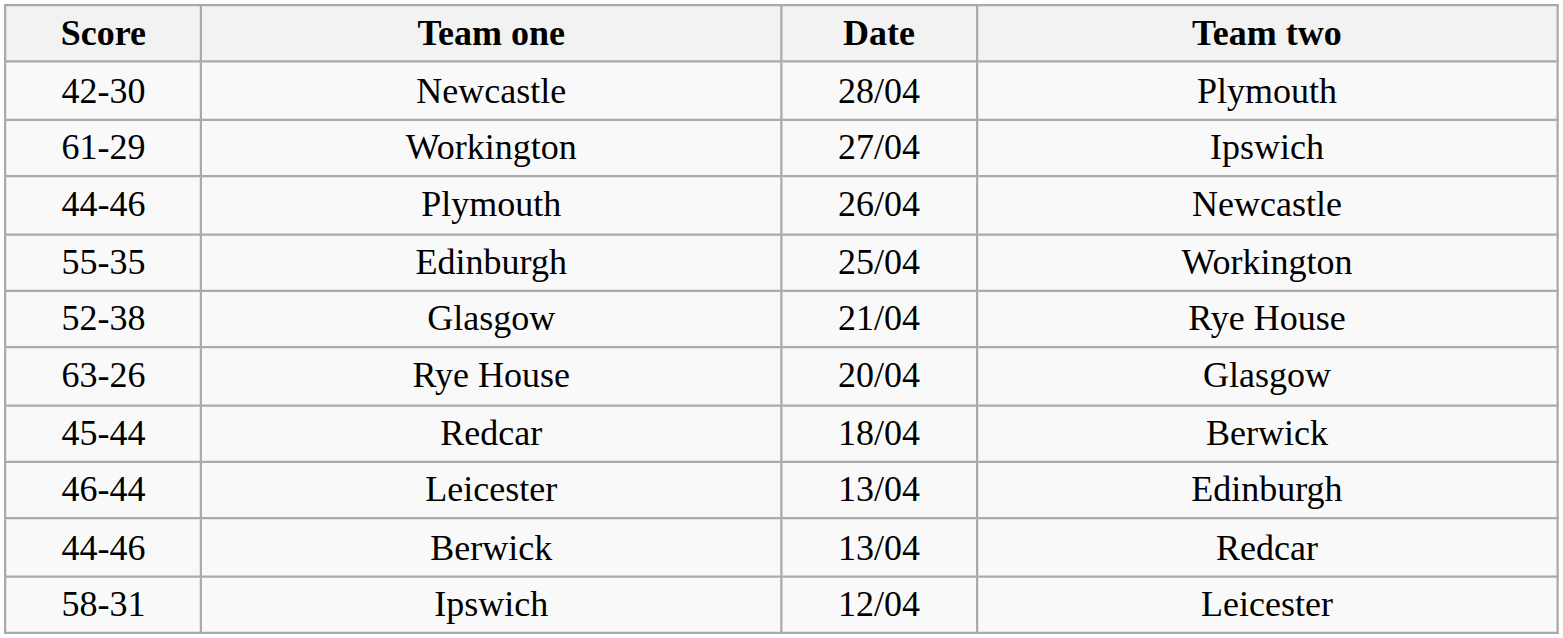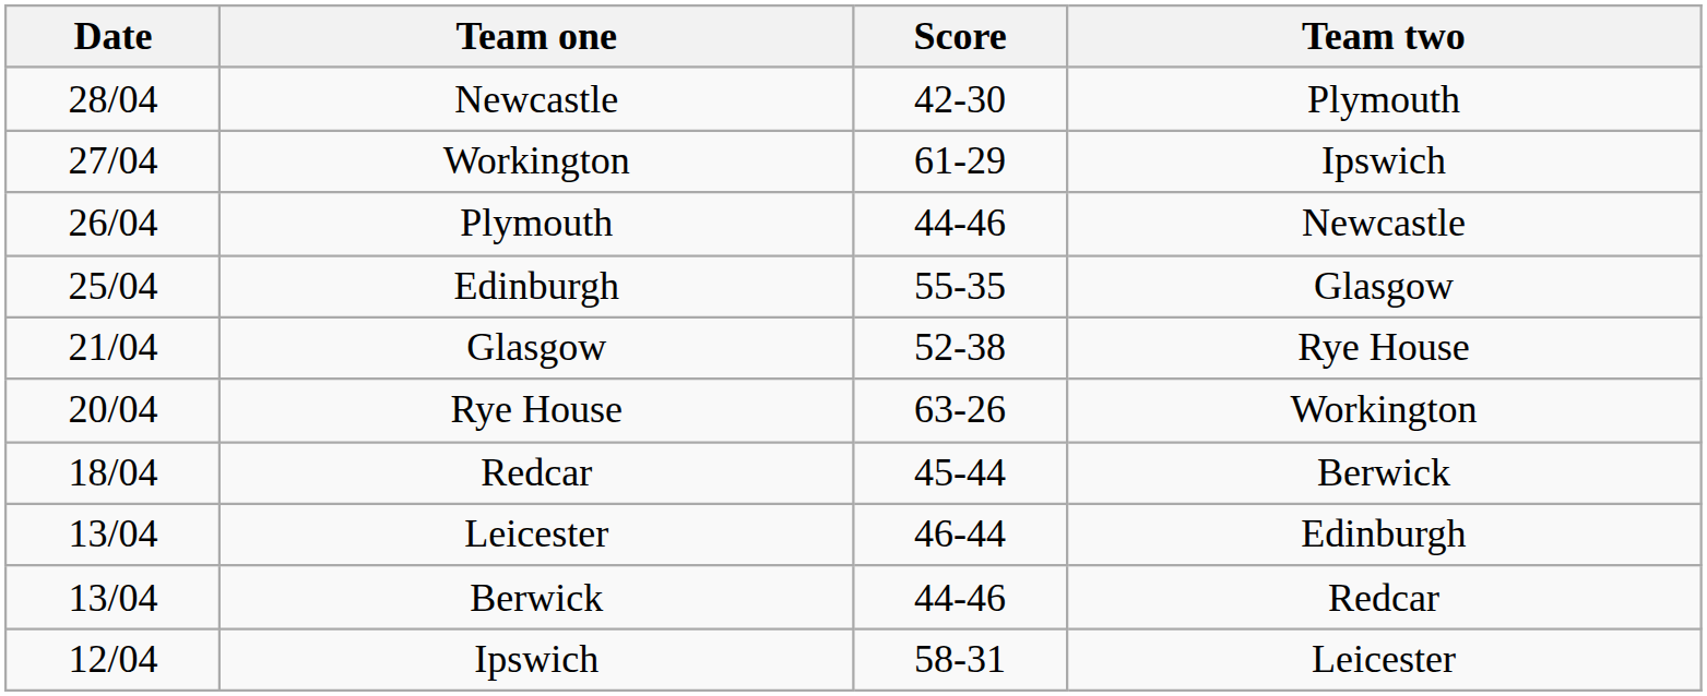 <table class="wikitable" style="text-align: center">
 <tr>
+<th width=80>Date</th>
+<th width=250>Team one</th>
 <th width=80>Score</th>
-<th width=250>Team one</th>
-<th width=80>Date</th>
 <th width=250>Team two</th>
 </tr>
 <tr>
+<td>28/04</td>
+<td>Newcastle</td>
 <td>42-30</td>
-<td>Newcastle</td>
-<td>28/04</td>
 <td>Plymouth</td>
 </tr>
 <tr>
+<td>27/04</td>
+<td>Workington</td>
 <td>61-29</td>
-<td>Workington</td>
-<td>27/04</td>
 <td>Ipswich</td>
 </tr>
 <tr>
+<td>26/04</td>
+<td>Plymouth</td>
 <td>44-46</td>
-<td>Plymouth</td>
-<td>26/04</td>
 <td>Newcastle</td>
 </tr>
 <tr>
+<td>25/04</td>
+<td>Edinburgh</td>
 <td>55-35</td>
-<td>Edinburgh</td>
-<td>25/04</td>
+<td>Glasgow</td>
+</tr>
+<tr>
+<td>21/04</td>
+<td>Glasgow</td>
+<td>52-38</td>
+<td>Rye House</td>
+</tr>
+<tr>
+<td>20/04</td>
+<td>Rye House</td>
+<td>63-26</td>
 <td>Workington</td>
 </tr>
 <tr>
-<td>52-38</td>
-<td>Glasgow</td>
-<td>21/04</td>
-<td>Rye House</td>
-</tr>
-<tr>
-<td>63-26</td>
-<td>Rye House</td>
-<td>20/04</td>
-<td>Glasgow</td>
-</tr>
-<tr>
+<td>18/04</td>
+<td>Redcar</td>
 <td>45-44</td>
-<td>Redcar</td>
-<td>18/04</td>
 <td>Berwick</td>
 </tr>
 <tr>
+<td>13/04</td>
+<td>Leicester</td>
 <td>46-44</td>
-<td>Leicester</td>
-<td>13/04</td>
 <td>Edinburgh</td>
 </tr>
 <tr>
+<td>13/04</td>
+<td>Berwick</td>
 <td>44-46</td>
-<td>Berwick</td>
-<td>13/04</td>
 <td>Redcar</td>
 </tr>
 <tr>
+<td>12/04</td>
+<td>Ipswich</td>
 <td>58-31</td>
-<td>Ipswich</td>
-<td>12/04</td>
 <td>Leicester</td>
 </tr>
 </table>
